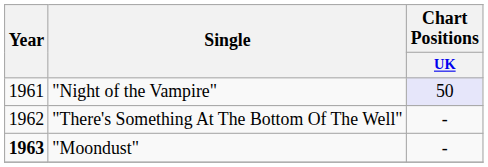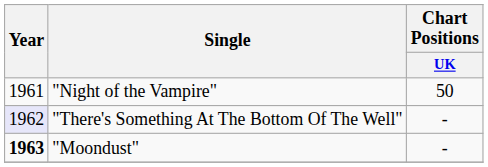 <table class="wikitable" style="text-align:center;">
 <tr>
 <th rowspan="2">Year</th>
 <th rowspan="2">Single</th>
 <th colspan="3">Chart Positions</th>
 </tr>
 <tr style="font-size:small;">
 <th width="60"><a href='#'>UK</a><br></th>
 </tr>
 <tr>
 <td>1961</td>
 <td align="left">"Night of the Vampire"</td>
-<td style="background: lavender;">50</td>
+<td>50</td>
 </tr>
 <tr>
-<td>1962</td>
+<td style="background: lavender;">1962</td>
 <td align="left">"There's Something At The Bottom Of The Well"</td>
 <td>-</td>
 </tr>
 <tr>
 <td><strong>1963</strong></td>
 <td align="left">"Moondust"</td>
 <td>-</td>
 </tr>
 <tr>
 </tr>
 </table>
